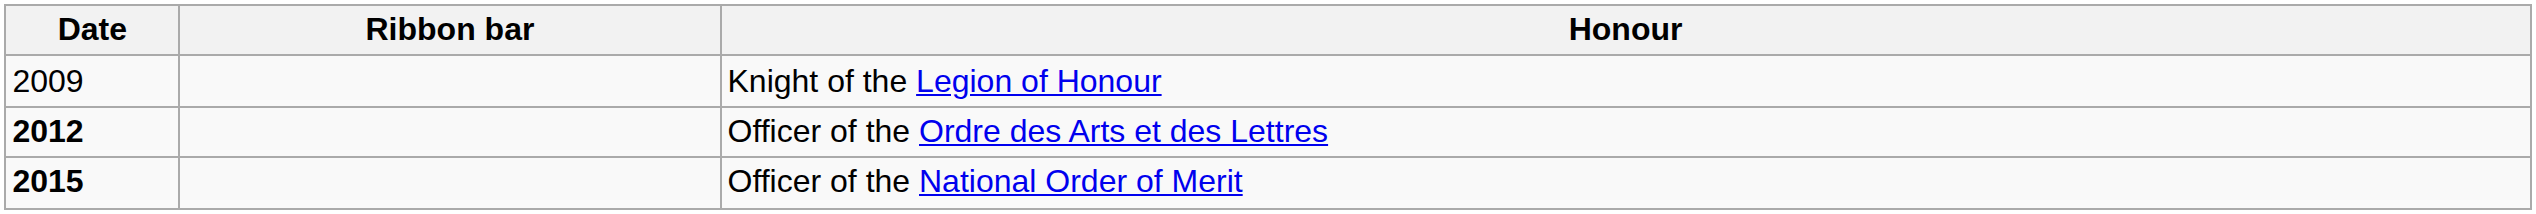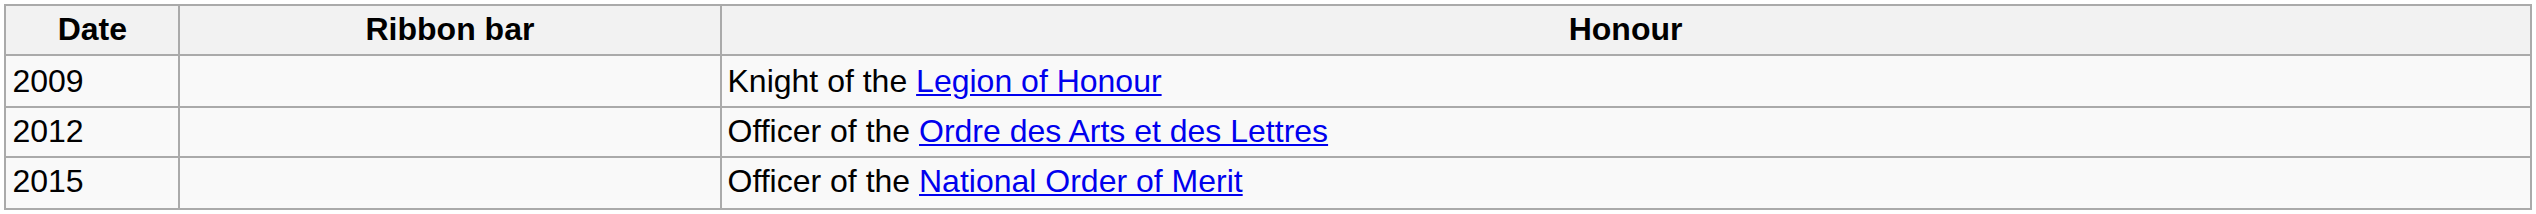 <table class="wikitable" style="width:100%;">
 <tr>
 <th style="width:80px;">Date</th>
 <th>Ribbon bar</th>
 <th>Honour</th>
 </tr>
 <tr>
 <td>2009</td>
 <td></td>
 <td>Knight of the <a href='#'>Legion of Honour</a></td>
 </tr>
 <tr>
-<td><strong>2012</strong></td>
+<td>2012</td>
 <td></td>
 <td>Officer of the <a href='#'>Ordre des Arts et des Lettres</a></td>
 </tr>
 <tr>
-<td><strong>2015</strong></td>
+<td>2015</td>
 <td></td>
 <td>Officer of the <a href='#'>National Order of Merit</a></td>
 </tr>
 <tr>
 </tr>
 </table>
